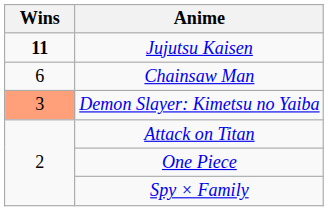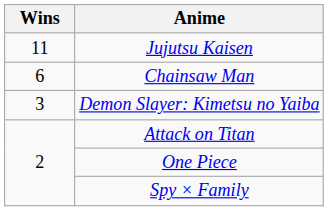 <table class="wikitable" style="text-align: center">
 <tr>
 <th scope="col" width="55">Wins</th>
 <th scope="col" align="center">Anime</th>
 </tr>
 <tr>
-<td><strong>11</strong></td>
+<td>11</td>
 <td><em><a href='#'>Jujutsu Kaisen</a></em></td>
 </tr>
 <tr>
 <td>6</td>
 <td><em><a href='#'>Chainsaw Man</a></em></td>
 </tr>
 <tr>
-<td style="background: lightsalmon;">3</td>
+<td>3</td>
 <td><em><a href='#'>Demon Slayer: Kimetsu no Yaiba</a></em></td>
 </tr>
 <tr>
 <td rowspan="3">2</td>
 <td><em><a href='#'>Attack on Titan</a></em></td>
 </tr>
 <tr>
 <td><em><a href='#'>One Piece</a></em></td>
 </tr>
 <tr>
 <td><em><a href='#'>Spy × Family</a></em></td>
 </tr>
 </table>
